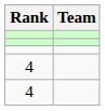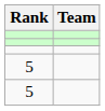 <table class=wikitable style="text-align:center;">
 <tr>
 <th width=40>Rank</th>
 <th>Team</th>
 </tr>
 <tr bgcolor="#ccffcc">
 <td></td>
 <td align=left></td>
 </tr>
 <tr bgcolor="#ccffcc">
 <td></td>
 <td align=left></td>
 </tr>
 <tr>
 <td></td>
 <td align=left></td>
 </tr>
 <tr>
-<td>4</td>
+<td>5</td>
 <td align=left></td>
 </tr>
 <tr>
-<td>4</td>
+<td>5</td>
 <td align=left></td>
 </tr>
 </table>
